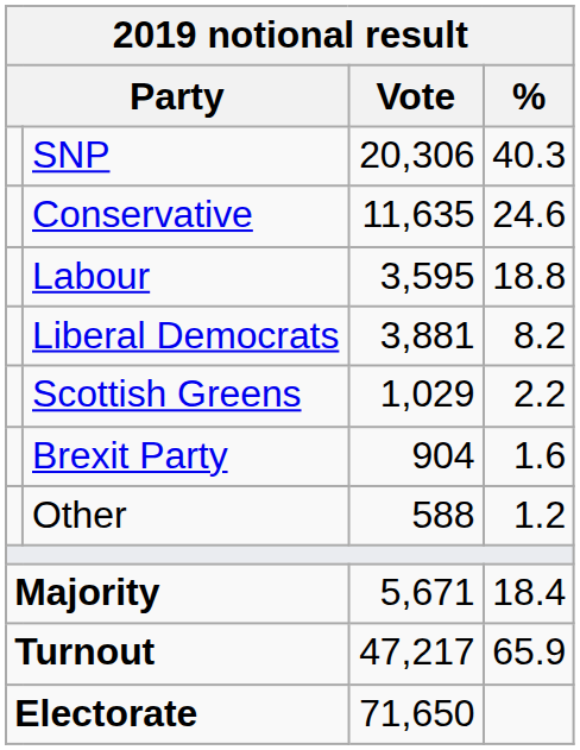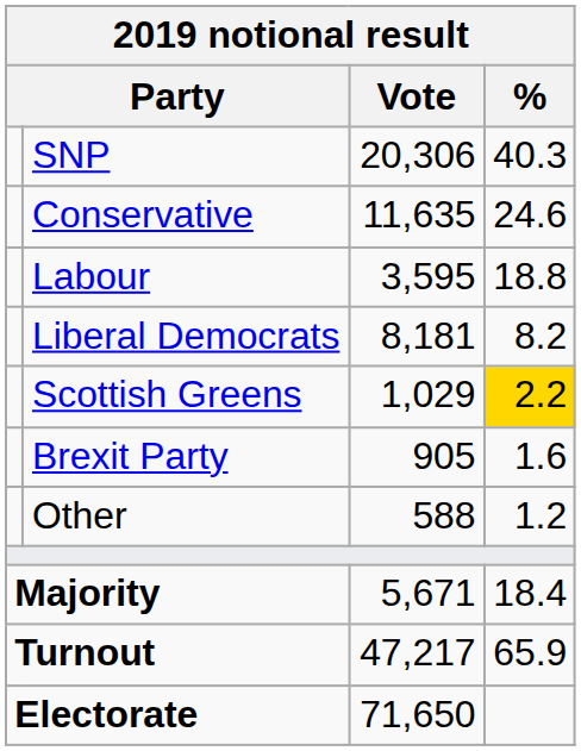 <table class="wikitable">
 <tr>
 <th colspan="4">2019 notional result  </th>
 </tr>
 <tr>
 <th bgcolor="#DDDDFF" width="130px" colspan="2">Party</th>
 <th bgcolor="#DDDDFF" width="50px">Vote</th>
 <th bgcolor="#DDDDFF" width="30px">%</th>
 </tr>
 <tr>
 <td style="color:inherit;background-color: "></td>
 <td><a href='#'>SNP</a></td>
 <td align=right>20,306</td>
 <td align=right>40.3</td>
 </tr>
 <tr>
 <td style="color:inherit;background-color: "></td>
 <td><a href='#'>Conservative</a></td>
 <td align=right>11,635</td>
 <td align=right>24.6</td>
 </tr>
 <tr>
 <td style="color:inherit;background-color: "></td>
 <td><a href='#'>Labour</a></td>
 <td align=right>3,595</td>
 <td align=right>18.8</td>
 </tr>
 <tr>
 <td style="color:inherit;background-color: "></td>
 <td><a href='#'>Liberal Democrats</a></td>
-<td align=right>3,881</td>
+<td align=right>8,181</td>
 <td align=right>8.2</td>
 </tr>
 <tr>
 <td style="color:inherit;background-color: "></td>
 <td><a href='#'>Scottish Greens</a></td>
 <td align=right>1,029</td>
-<td align=right>2.2</td>
+<td align=right style="background: gold;">2.2</td>
 </tr>
 <tr>
 <td style="color:inherit;background-color: "></td>
 <td><a href='#'>Brexit Party</a></td>
-<td align=right>904</td>
+<td align=right>905</td>
 <td align=right>1.6</td>
 </tr>
 <tr>
 <td></td>
 <td>Other</td>
 <td align=right>588</td>
 <td align=right>1.2</td>
 </tr>
 <tr>
 <td colspan="4" bgcolor="#EAECF0"></td>
 </tr>
 <tr>
 <td colspan="2"><strong>Majority</strong></td>
 <td align=right>5,671</td>
 <td>18.4</td>
 </tr>
 <tr>
 <td colspan="2"><strong>Turnout</strong></td>
 <td align=right>47,217</td>
 <td>65.9</td>
 </tr>
 <tr>
 <td colspan="2"><strong>Electorate</strong></td>
 <td align=right>71,650</td>
 <td></td>
 </tr>
 </table>
